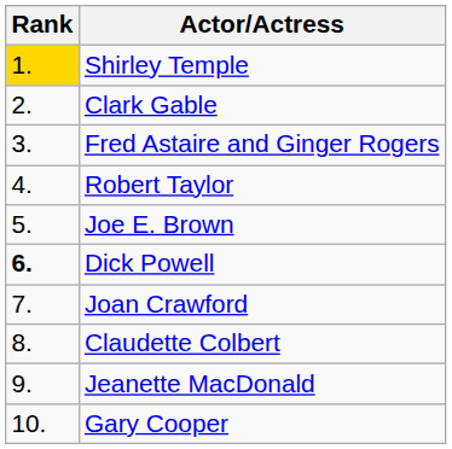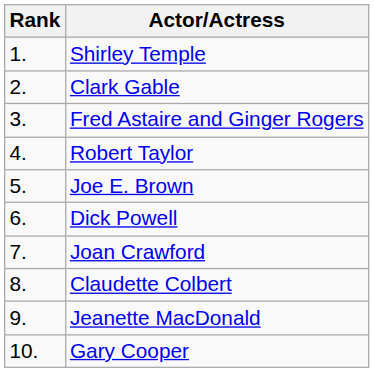 <table class="wikitable">
 <tr>
 <th>Rank</th>
 <th>Actor/Actress</th>
 </tr>
 <tr>
-<td style="background: gold;">1.</td>
+<td>1.</td>
 <td><a href='#'>Shirley Temple</a></td>
 </tr>
 <tr>
 <td>2.</td>
 <td><a href='#'>Clark Gable</a></td>
 </tr>
 <tr>
 <td>3.</td>
 <td><a href='#'>Fred Astaire and Ginger Rogers</a></td>
 </tr>
 <tr>
 <td>4.</td>
 <td><a href='#'>Robert Taylor</a></td>
 </tr>
 <tr>
 <td>5.</td>
 <td><a href='#'>Joe E. Brown</a></td>
 </tr>
 <tr>
-<td><strong>6.</strong></td>
+<td>6.</td>
 <td><a href='#'>Dick Powell</a></td>
 </tr>
 <tr>
 <td>7.</td>
 <td><a href='#'>Joan Crawford</a></td>
 </tr>
 <tr>
 <td>8.</td>
 <td><a href='#'>Claudette Colbert</a></td>
 </tr>
 <tr>
 <td>9.</td>
 <td><a href='#'>Jeanette MacDonald</a></td>
 </tr>
 <tr>
 <td>10.</td>
 <td><a href='#'>Gary Cooper</a></td>
 </tr>
 </table>
